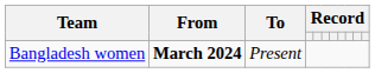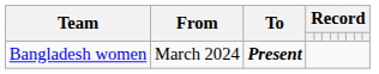 <table class="wikitable" style="text-align: center">
 <tr>
 <th rowspan="2">Team</th>
 <th rowspan="2">From</th>
 <th rowspan="2">To</th>
 <th colspan="8">Record</th>
 </tr>
 <tr>
 <th></th>
 <th></th>
 <th></th>
 <th></th>
 <th></th>
 <th></th>
 <th></th>
 <th></th>
 </tr>
 <tr>
 <td align=left> <a href='#'>Bangladesh women</a></td>
-<td align=left><strong>March 2024</strong></td>
-<td align=left><em>Present</em><br></td>
+<td align=left>March 2024</td>
+<td align=left><strong><em>Present</em><br></strong></td>
 </tr>
 </table>
